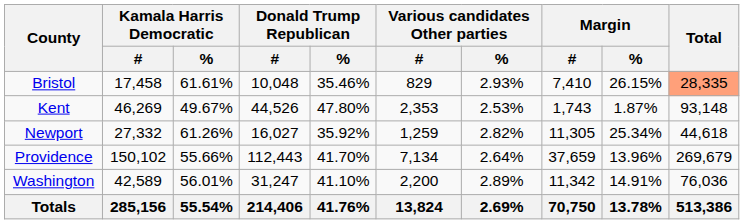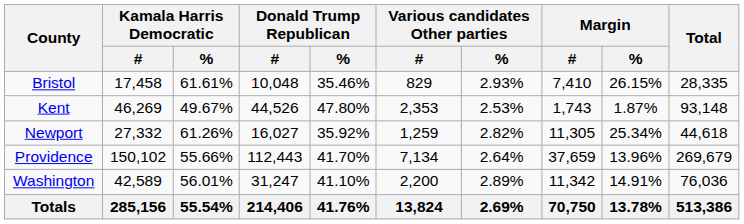 <table width="60%"  class="wikitable sortable" style="text-align:center">
 <tr>
 <th style="text-align:center;" rowspan="2">County</th>
 <th style="text-align:center;" colspan="2">Kamala Harris<br>Democratic</th>
 <th style="text-align:center;" colspan="2">Donald Trump<br>Republican</th>
 <th style="text-align:center;" colspan="2">Various candidates<br>Other parties</th>
 <th style="text-align:center;" colspan="2">Margin</th>
 <th style="text-align:center;" rowspan="2">Total</th>
 </tr>
 <tr>
 <th style="text-align:center;" data-sort-type="number">#</th>
 <th style="text-align:center;" data-sort-type="number">%</th>
 <th style="text-align:center;" data-sort-type="number">#</th>
 <th style="text-align:center;" data-sort-type="number">%</th>
 <th style="text-align:center;" data-sort-type="number">#</th>
 <th style="text-align:center;" data-sort-type="number">%</th>
 <th style="text-align:center;" data-sort-type="number">#</th>
 <th style="text-align:center;" data-sort-type="number">%</th>
 </tr>
 <tr style="text-align:center;">
 <td><a href='#'>Bristol</a></td>
 <td>17,458</td>
 <td>61.61%</td>
 <td>10,048</td>
 <td>35.46%</td>
 <td>829</td>
 <td>2.93%</td>
 <td>7,410</td>
 <td>26.15%</td>
-<td style="background: lightsalmon;">28,335</td>
+<td>28,335</td>
 </tr>
 <tr style="text-align:center;">
 <td><a href='#'>Kent</a></td>
 <td>46,269</td>
 <td>49.67%</td>
 <td>44,526</td>
 <td>47.80%</td>
 <td>2,353</td>
 <td>2.53%</td>
 <td>1,743</td>
 <td>1.87%</td>
 <td>93,148</td>
 </tr>
 <tr style="text-align:center;">
 <td><a href='#'>Newport</a></td>
 <td>27,332</td>
 <td>61.26%</td>
 <td>16,027</td>
 <td>35.92%</td>
 <td>1,259</td>
 <td>2.82%</td>
 <td>11,305</td>
 <td>25.34%</td>
 <td>44,618</td>
 </tr>
 <tr style="text-align:center;">
 <td><a href='#'>Providence</a></td>
 <td>150,102</td>
 <td>55.66%</td>
 <td>112,443</td>
 <td>41.70%</td>
 <td>7,134</td>
 <td>2.64%</td>
 <td>37,659</td>
 <td>13.96%</td>
 <td>269,679</td>
 </tr>
 <tr style="text-align:center;">
 <td><a href='#'>Washington</a></td>
 <td>42,589</td>
 <td>56.01%</td>
 <td>31,247</td>
 <td>41.10%</td>
 <td>2,200</td>
 <td>2.89%</td>
 <td>11,342</td>
 <td>14.91%</td>
 <td>76,036</td>
 </tr>
 <tr>
 <th>Totals</th>
 <th>285,156</th>
 <th>55.54%</th>
 <th>214,406</th>
 <th>41.76%</th>
 <th>13,824</th>
 <th>2.69%</th>
 <th>70,750</th>
 <th>13.78%</th>
 <th>513,386</th>
 </tr>
 </table>
